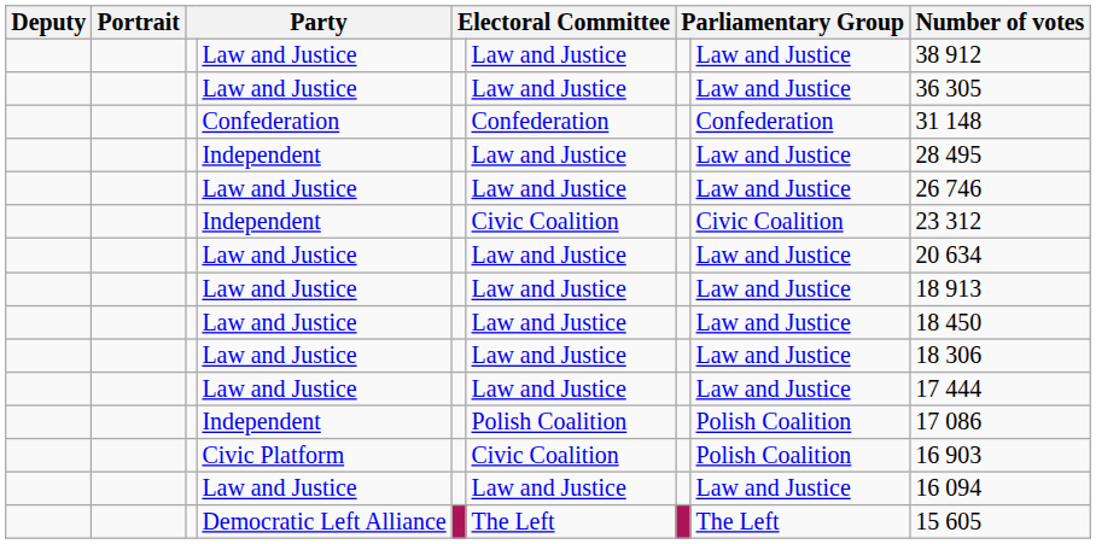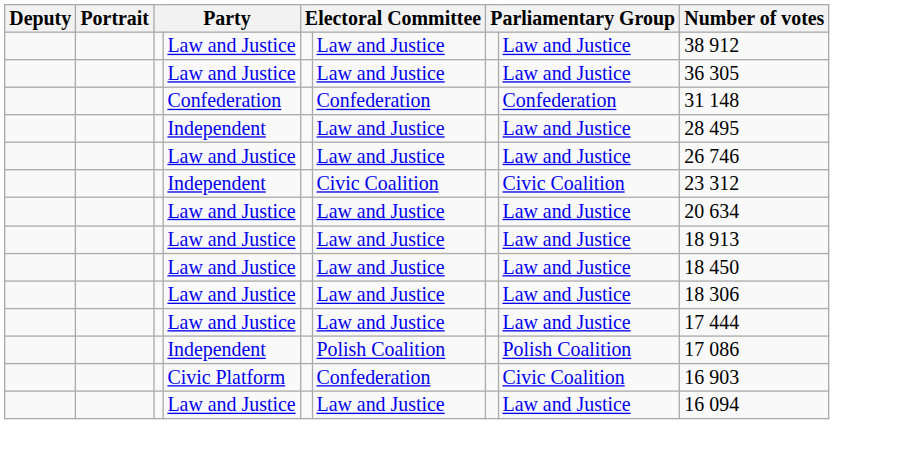 <table class="wikitable sortable" style="font-size:95%;line-height:14px;">
 <tr>
 <th>Deputy</th>
 <th>Portrait</th>
 <th colspan="2">Party</th>
 <th colspan="2">Electoral Committee</th>
 <th colspan="2">Parliamentary Group</th>
 <th>Number of votes</th>
 </tr>
 <tr>
 <td></td>
 <td></td>
 <td style="background:"></td>
 <td><a href='#'>Law and Justice</a></td>
 <td style="background:"></td>
 <td><a href='#'>Law and Justice</a></td>
 <td style="background:"></td>
 <td><a href='#'>Law and Justice</a></td>
 <td>38 912</td>
 </tr>
 <tr>
 <td></td>
 <td></td>
 <td style="background:"></td>
 <td><a href='#'>Law and Justice</a></td>
 <td style="background:"></td>
 <td><a href='#'>Law and Justice</a></td>
 <td style="background:"></td>
 <td><a href='#'>Law and Justice</a></td>
 <td>36 305</td>
 </tr>
 <tr>
 <td></td>
 <td></td>
 <td style="background:"></td>
 <td><a href='#'>Confederation</a></td>
 <td style="background:"></td>
 <td><a href='#'>Confederation</a></td>
 <td style="background:"></td>
 <td><a href='#'>Confederation</a></td>
 <td>31 148</td>
 </tr>
 <tr>
 <td></td>
 <td></td>
 <td style="background:"></td>
 <td><a href='#'>Independent</a></td>
 <td style="background:"></td>
 <td><a href='#'>Law and Justice</a></td>
 <td style="background:"></td>
 <td><a href='#'>Law and Justice</a></td>
 <td>28 495</td>
 </tr>
 <tr>
 <td></td>
 <td></td>
 <td style="background:"></td>
 <td><a href='#'>Law and Justice</a></td>
 <td style="background:"></td>
 <td><a href='#'>Law and Justice</a></td>
 <td style="background:"></td>
 <td><a href='#'>Law and Justice</a></td>
 <td>26 746</td>
 </tr>
 <tr>
 <td></td>
 <td></td>
 <td style="background:"></td>
 <td><a href='#'>Independent</a></td>
 <td style="background:"></td>
 <td><a href='#'>Civic Coalition</a></td>
 <td style="background:"></td>
 <td><a href='#'>Civic Coalition</a></td>
 <td>23 312</td>
 </tr>
 <tr>
 <td></td>
 <td></td>
 <td style="background:"></td>
 <td><a href='#'>Law and Justice</a></td>
 <td style="background:"></td>
 <td><a href='#'>Law and Justice</a></td>
 <td style="background:"></td>
 <td><a href='#'>Law and Justice</a></td>
 <td>20 634</td>
 </tr>
 <tr>
 <td></td>
 <td></td>
 <td style="background:"></td>
 <td><a href='#'>Law and Justice</a></td>
 <td style="background:"></td>
 <td><a href='#'>Law and Justice</a></td>
 <td style="background:"></td>
 <td><a href='#'>Law and Justice</a></td>
 <td>18 913</td>
 </tr>
 <tr>
 <td></td>
 <td></td>
 <td style="background:"></td>
 <td><a href='#'>Law and Justice</a></td>
 <td style="background:"></td>
 <td><a href='#'>Law and Justice</a></td>
 <td style="background:"></td>
 <td><a href='#'>Law and Justice</a></td>
 <td>18 450</td>
 </tr>
 <tr>
 <td></td>
 <td></td>
 <td style="background:"></td>
 <td><a href='#'>Law and Justice</a></td>
 <td style="background:"></td>
 <td><a href='#'>Law and Justice</a></td>
 <td style="background:"></td>
 <td><a href='#'>Law and Justice</a></td>
 <td>18 306</td>
 </tr>
 <tr>
 <td></td>
 <td></td>
 <td style="background:"></td>
 <td><a href='#'>Law and Justice</a></td>
 <td style="background:"></td>
 <td><a href='#'>Law and Justice</a></td>
 <td style="background:"></td>
 <td><a href='#'>Law and Justice</a></td>
 <td>17 444</td>
 </tr>
 <tr>
 <td></td>
 <td></td>
 <td style="background:"></td>
 <td><a href='#'>Independent</a></td>
 <td style="background:"></td>
 <td><a href='#'>Polish Coalition</a></td>
 <td style="background:"></td>
 <td><a href='#'>Polish Coalition</a></td>
 <td>17 086</td>
 </tr>
 <tr>
 <td></td>
 <td></td>
 <td style="background:"></td>
 <td><a href='#'>Civic Platform</a></td>
 <td style="background:"></td>
+<td><a href='#'>Confederation</a></td>
+<td style="background:"></td>
 <td><a href='#'>Civic Coalition</a></td>
-<td style="background:"></td>
-<td><a href='#'>Polish Coalition</a></td>
 <td>16 903</td>
 </tr>
 <tr>
 <td></td>
 <td></td>
 <td style="background:"></td>
 <td><a href='#'>Law and Justice</a></td>
 <td style="background:"></td>
 <td><a href='#'>Law and Justice</a></td>
 <td style="background:"></td>
 <td><a href='#'>Law and Justice</a></td>
 <td>16 094</td>
 </tr>
-<tr>
-<td></td>
-<td></td>
-<td style="background:"></td>
-<td><a href='#'>Democratic Left Alliance</a></td>
-<td style="background:#AC145A;"></td>
-<td><a href='#'>The Left</a></td>
-<td style="background:#AC145A;"></td>
-<td><a href='#'>The Left</a></td>
-<td>15 605</td>
-</tr>
 </table>
